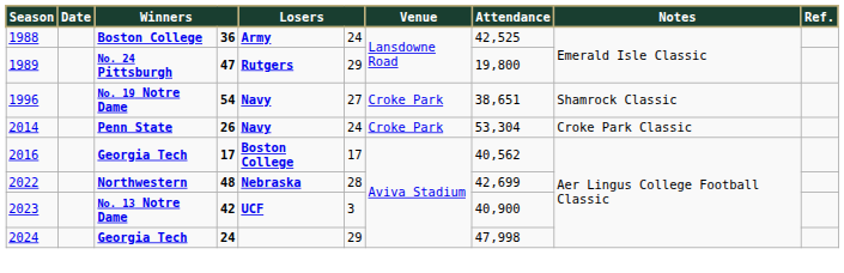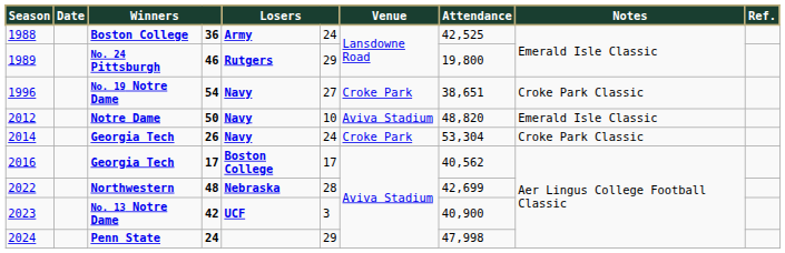 <table class="wikitable">
 <tr>
 <th style="background:#193E30; color:#FFFFFF; border: 2px solid #BEB07D ;">Season</th>
 <th style="background:#193E30; color:#FFFFFF; border: 2px solid #BEB07D ;">Date</th>
 <th style="background:#193E30; color:#FFFFFF; border: 2px solid #BEB07D ;" colspan="2">Winners</th>
 <th style="background:#193E30; color:#FFFFFF; border: 2px solid #BEB07D ;" colspan="2">Losers</th>
 <th style="background:#193E30; color:#FFFFFF; border: 2px solid #BEB07D ;">Venue</th>
 <th style="background:#193E30; color:#FFFFFF; border: 2px solid #BEB07D ;">Attendance</th>
 <th style="background:#193E30; color:#FFFFFF; border: 2px solid #BEB07D ;">Notes</th>
 <th style="background:#193E30; color:#FFFFFF; border: 2px solid #BEB07D ;">Ref.</th>
 </tr>
 <tr>
 <td><a href='#'>1988</a></td>
 <td></td>
 <td><strong><a href='#'><span>Boston College</span></a></strong></td>
 <td><strong>36</strong></td>
 <td><strong><a href='#'><span>Army</span></a></strong></td>
 <td>24</td>
 <td rowspan="2"><a href='#'>Lansdowne Road</a></td>
 <td>42,525</td>
 <td rowspan=2>Emerald Isle Classic</td>
 <td></td>
 </tr>
 <tr>
 <td><a href='#'>1989</a></td>
 <td></td>
 <td><strong><a href='#'><span><small>No. 24</small> Pittsburgh</span></a></strong></td>
-<td><strong>47</strong></td>
+<td><strong>46</strong></td>
 <td><strong><a href='#'><span>Rutgers</span></a></strong></td>
 <td>29</td>
 <td>19,800</td>
 <td></td>
 </tr>
 <tr>
 <td><a href='#'>1996</a></td>
 <td></td>
 <td><strong><a href='#'><span><small>No. 19</small> Notre Dame</span></a></strong></td>
 <td><strong>54</strong></td>
 <td><strong><a href='#'><span>Navy</span></a></strong></td>
 <td>27</td>
 <td><a href='#'>Croke Park</a></td>
 <td>38,651</td>
-<td>Shamrock Classic</td>
+<td>Croke Park Classic</td>
+<td></td>
+</tr>
+<tr>
+<td><a href='#'>2012</a></td>
+<td></td>
+<td><strong><a href='#'><span>Notre Dame</span></a></strong></td>
+<td><strong>50</strong></td>
+<td><strong><a href='#'><span>Navy</span></a></strong></td>
+<td>10</td>
+<td><a href='#'>Aviva Stadium</a></td>
+<td>48,820</td>
+<td>Emerald Isle Classic</td>
 <td></td>
 </tr>
 <tr>
 <td><a href='#'>2014</a></td>
 <td></td>
-<td><strong><a href='#'><span>Penn State</span></a></strong></td>
+<td><strong><a href='#'><span>Georgia Tech</span></a></strong></td>
 <td><strong>26</strong></td>
 <td style=><strong><a href='#'><span>Navy</span></a></strong></td>
 <td>24</td>
 <td><a href='#'>Croke Park</a></td>
 <td>53,304</td>
 <td>Croke Park Classic</td>
 <td></td>
 </tr>
 <tr>
 <td><a href='#'>2016</a></td>
 <td></td>
 <td><strong><a href='#'><span>Georgia Tech</span></a></strong></td>
 <td><strong>17</strong></td>
 <td><strong><a href='#'><span>Boston College</span></a></strong></td>
 <td>17</td>
 <td rowspan="4"><a href='#'>Aviva Stadium</a></td>
 <td>40,562</td>
 <td rowspan="4">Aer Lingus College Football Classic</td>
 <td></td>
 </tr>
 <tr>
 <td><a href='#'>2022</a></td>
 <td></td>
 <td><strong><a href='#'><span>Northwestern</span></a></strong></td>
 <td><strong>48</strong></td>
 <td><strong><a href='#'><span>Nebraska</span></a></strong></td>
 <td>28</td>
 <td>42,699</td>
 <td></td>
 </tr>
 <tr>
 <td><a href='#'>2023</a></td>
 <td></td>
 <td><strong><a href='#'><span><small>No. 13</small> Notre Dame</span></a></strong></td>
 <td><strong>42</strong></td>
 <td><strong><a href='#'><span>UCF</span></a></strong></td>
 <td>3</td>
 <td>40,900</td>
 <td></td>
 </tr>
 <tr>
 <td><a href='#'>2024</a></td>
 <td></td>
-<td><strong><a href='#'><span>Georgia Tech</span></a></strong></td>
+<td><strong><a href='#'><span>Penn State</span></a></strong></td>
 <td><strong>24</strong></td>
 <td style=><strong><a href='#'></a></strong></td>
 <td>29</td>
 <td>47,998</td>
 <td></td>
 </tr>
 </table>
